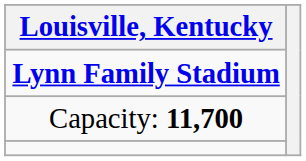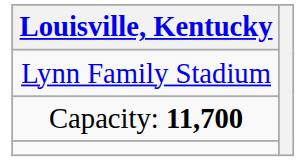 <table class="wikitable" style="text-align:center; margin-left:auto; margin-right:auto; border:none;">
 <tr>
 <th><a href='#'>Louisville, Kentucky</a></th>
 <th rowspan="4"><br></th>
 </tr>
 <tr>
-<td><strong><a href='#'>Lynn Family Stadium</a></strong></td>
+<td><a href='#'>Lynn Family Stadium</a></td>
 </tr>
 <tr>
 <td>Capacity: <strong>11,700</strong></td>
 </tr>
 <tr>
 <td></td>
 </tr>
 </table>
